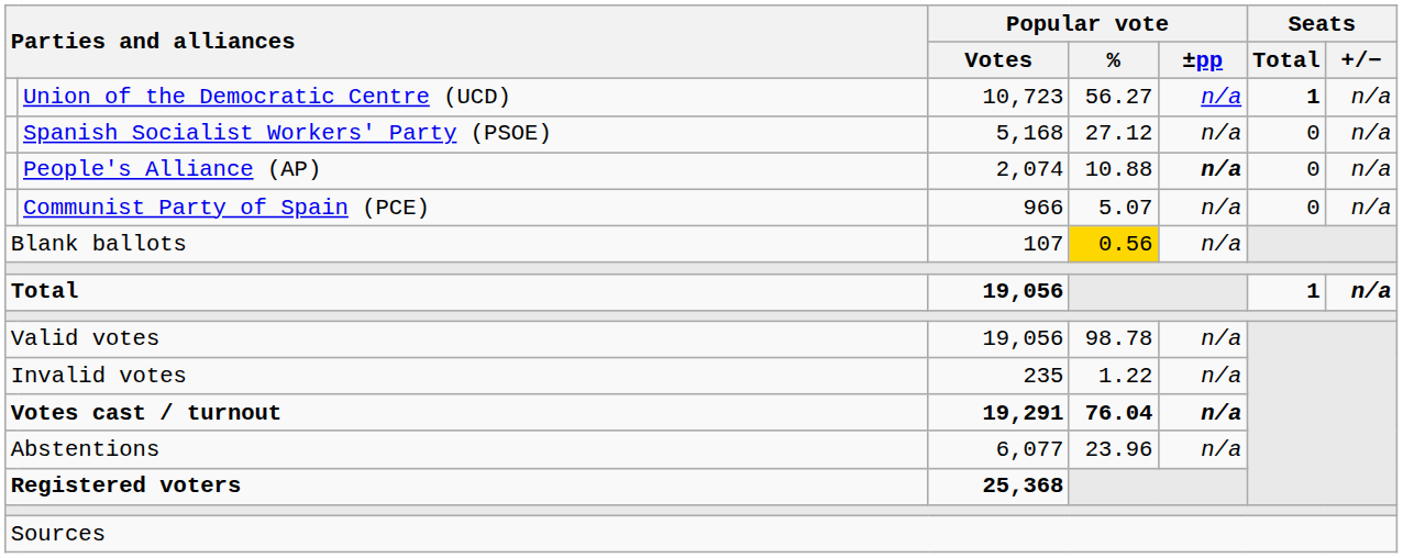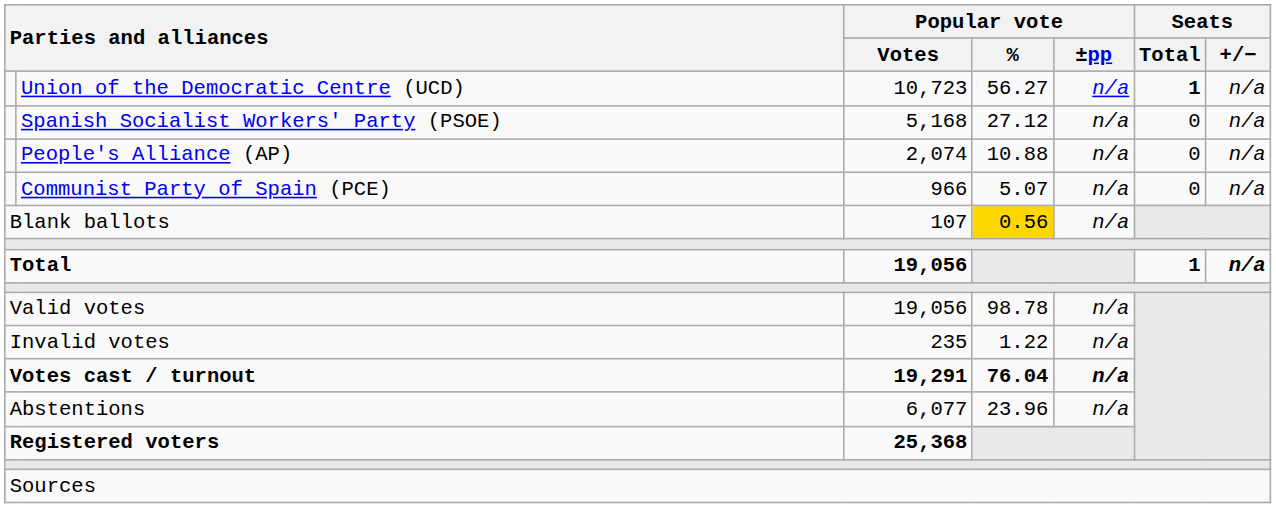 <table class="wikitable" style="text-align:right;">
 <tr>
 <th style="text-align:left;" rowspan="2" colspan="2" width="525">Parties and alliances</th>
 <th colspan="3">Popular vote</th>
 <th colspan="2">Seats</th>
 </tr>
 <tr>
 <th width="75">Votes</th>
 <th width="45">%</th>
 <th width="45">±<a href='#'>pp</a></th>
 <th width="35">Total</th>
 <th width="35">+/−</th>
 </tr>
 <tr>
 <td width="1" style="color:inherit;background:"></td>
 <td align="left"><a href='#'>Union of the Democratic Centre</a> (UCD)</td>
 <td>10,723</td>
 <td>56.27</td>
 <td><em><a href='#'>n/a</a></em></td>
 <td><strong>1</strong></td>
 <td><em>n/a</em></td>
 </tr>
 <tr>
 <td style="color:inherit;background:"></td>
 <td align="left"><a href='#'>Spanish Socialist Workers' Party</a> (PSOE)</td>
 <td>5,168</td>
 <td>27.12</td>
 <td><em>n/a</em></td>
 <td>0</td>
 <td><em>n/a</em></td>
 </tr>
 <tr>
 <td style="color:inherit;background:"></td>
 <td align="left"><a href='#'>People's Alliance</a> (AP)</td>
 <td>2,074</td>
 <td>10.88</td>
-<td><strong><em>n/a</em></strong></td>
+<td><em>n/a</em></td>
 <td>0</td>
 <td><em>n/a</em></td>
 </tr>
 <tr>
 <td style="color:inherit;background:"></td>
 <td align="left"><a href='#'>Communist Party of Spain</a> (PCE)</td>
 <td>966</td>
 <td>5.07</td>
 <td><em>n/a</em></td>
 <td>0</td>
 <td><em>n/a</em></td>
 </tr>
 <tr>
 <td align="left" colspan="2">Blank ballots</td>
 <td>107</td>
 <td style="background: gold;">0.56</td>
 <td><em>n/a</em></td>
 <td bgcolor="#E9E9E9" colspan="2"></td>
 </tr>
 <tr>
 <td colspan="7" bgcolor="#E9E9E9"></td>
 </tr>
 <tr style="font-weight:bold;">
 <td align="left" colspan="2">Total</td>
 <td>19,056</td>
 <td bgcolor="#E9E9E9" colspan="2"></td>
 <td>1</td>
 <td><em>n/a</em></td>
 </tr>
 <tr>
 <td colspan="7" bgcolor="#E9E9E9"></td>
 </tr>
 <tr>
 <td align="left" colspan="2">Valid votes</td>
 <td>19,056</td>
 <td>98.78</td>
 <td><em>n/a</em></td>
 <td bgcolor="#E9E9E9" colspan="2" rowspan="5"></td>
 </tr>
 <tr>
 <td align="left" colspan="2">Invalid votes</td>
 <td>235</td>
 <td>1.22</td>
 <td><em>n/a</em></td>
 </tr>
 <tr style="font-weight:bold;">
 <td align="left" colspan="2">Votes cast / turnout</td>
 <td>19,291</td>
 <td>76.04</td>
 <td><em>n/a</em></td>
 </tr>
 <tr>
 <td align="left" colspan="2">Abstentions</td>
 <td>6,077</td>
 <td>23.96</td>
 <td><em>n/a</em></td>
 </tr>
 <tr style="font-weight:bold;">
 <td align="left" colspan="2">Registered voters</td>
 <td>25,368</td>
 <td bgcolor="#E9E9E9" colspan="2"></td>
 </tr>
 <tr>
 <td colspan="7" bgcolor="#E9E9E9"></td>
 </tr>
 <tr>
 <td align="left" colspan="7">Sources</td>
 </tr>
 </table>
